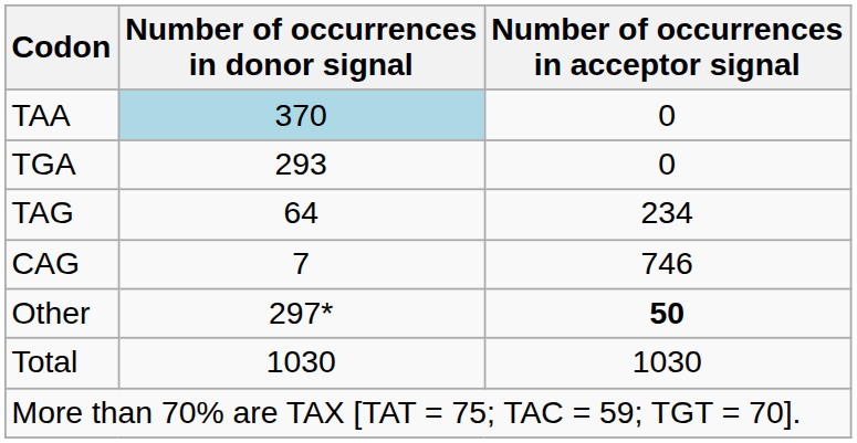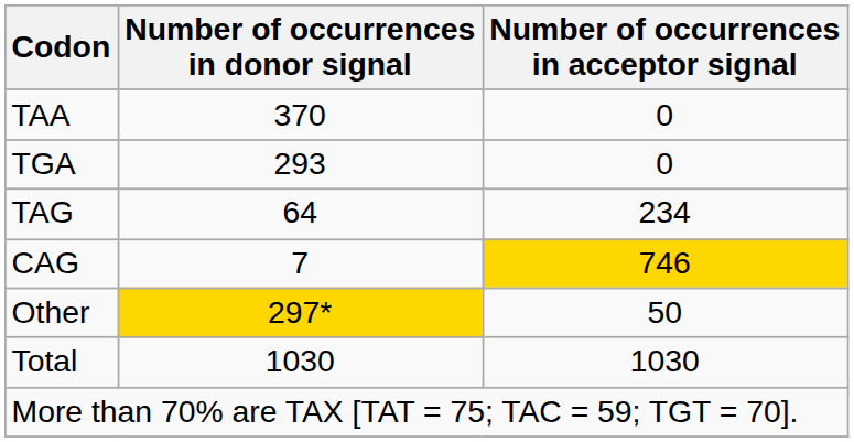 <table class="wikitable" style="margin:1em auto;">
 <tr>
 <th>Codon</th>
 <th>Number of occurrences<br>in donor signal</th>
 <th>Number of occurrences<br>in acceptor signal</th>
 </tr>
 <tr>
 <td>TAA</td>
-<td style="background: lightblue; text-align:center;">370</td>
+<td style="text-align:center;">370</td>
 <td style="text-align:center;">0</td>
 </tr>
 <tr>
 <td>TGA</td>
 <td style="text-align:center;">293</td>
 <td style="text-align:center;">0</td>
 </tr>
 <tr>
 <td>TAG</td>
 <td style="text-align:center;">64</td>
 <td style="text-align:center;">234</td>
 </tr>
 <tr>
 <td>CAG</td>
 <td style="text-align:center;">7</td>
-<td style="text-align:center;">746</td>
+<td style="background: gold; text-align:center;">746</td>
 </tr>
 <tr>
 <td>Other</td>
-<td style="text-align:center;">297*</td>
-<td style="text-align:center;"><strong>50</strong></td>
+<td style="background: gold; text-align:center;">297*</td>
+<td style="text-align:center;">50</td>
 </tr>
 <tr>
 <td>Total</td>
 <td style="text-align:center;">1030</td>
 <td style="text-align:center;">1030</td>
 </tr>
 <tr>
 <td colspan=3>More than 70% are TAX [TAT = 75; TAC = 59; TGT = 70].</td>
 </tr>
 </table>
